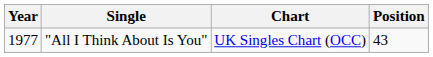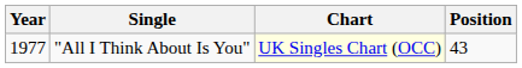 <table class="wikitable">
 <tr>
 <th align="left">Year</th>
 <th align="left">Single</th>
 <th align="left">Chart</th>
 <th align="left">Position</th>
 </tr>
 <tr>
 <td align="left">1977</td>
 <td align="left">"All I Think About Is You"</td>
-<td align="left"><a href='#'>UK Singles Chart</a> (<a href='#'>OCC</a>)</td>
+<td align="left" style="background: lightyellow;"><a href='#'>UK Singles Chart</a> (<a href='#'>OCC</a>)</td>
 <td align="left">43</td>
 </tr>
 </table>
